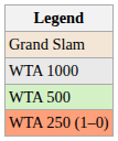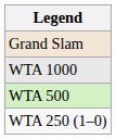 <table class=wikitable style="font-size:90%">
 <tr>
 <th>Legend</th>
 </tr>
 <tr>
 <td style="background:#f3e6d7;">Grand Slam</td>
 </tr>
 <tr>
 <td bgcolor=e9e9e9>WTA 1000</td>
 </tr>
 <tr>
 <td style="background:#d4f1c5;">WTA 500</td>
 </tr>
 <tr>
-<td style="background: lightsalmon;">WTA 250 (1–0)</td>
+<td>WTA 250 (1–0)</td>
 </tr>
 </table>
